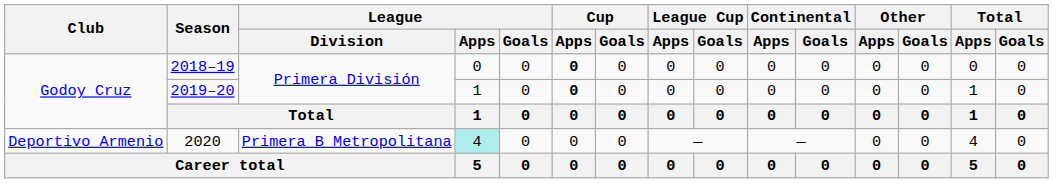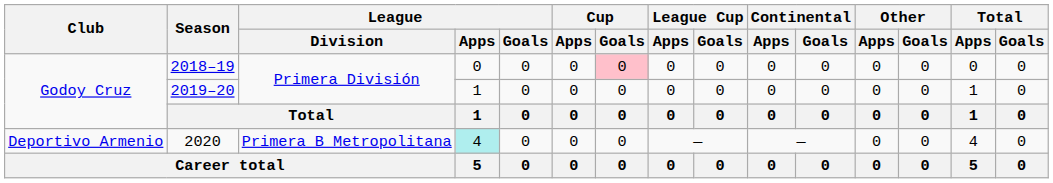 <table class="wikitable" style="text-align:center">
 <tr>
 <th rowspan="2">Club</th>
 <th rowspan="2">Season</th>
 <th colspan="3">League</th>
 <th colspan="2">Cup</th>
 <th colspan="2">League Cup</th>
 <th colspan="2">Continental</th>
 <th colspan="2">Other</th>
 <th colspan="2">Total</th>
 </tr>
 <tr>
 <th>Division</th>
 <th>Apps</th>
 <th>Goals</th>
 <th>Apps</th>
 <th>Goals</th>
 <th>Apps</th>
 <th>Goals</th>
 <th>Apps</th>
 <th>Goals</th>
 <th>Apps</th>
 <th>Goals</th>
 <th>Apps</th>
 <th>Goals</th>
 </tr>
 <tr>
 <td rowspan="3"><a href='#'>Godoy Cruz</a></td>
 <td><a href='#'>2018–19</a></td>
 <td rowspan="2"><a href='#'>Primera División</a></td>
 <td>0</td>
 <td>0</td>
-<td><strong>0</strong></td>
 <td>0</td>
+<td style="background: pink;">0</td>
 <td>0</td>
 <td>0</td>
 <td>0</td>
 <td>0</td>
 <td>0</td>
 <td>0</td>
 <td>0</td>
 <td>0</td>
 </tr>
 <tr>
 <td><a href='#'>2019–20</a></td>
 <td>1</td>
 <td>0</td>
-<td><strong>0</strong></td>
+<td>0</td>
 <td>0</td>
 <td>0</td>
 <td>0</td>
 <td>0</td>
 <td>0</td>
 <td>0</td>
 <td>0</td>
 <td>1</td>
 <td>0</td>
 </tr>
 <tr>
 <th colspan="2">Total</th>
 <th>1</th>
 <th>0</th>
 <th>0</th>
 <th>0</th>
 <th>0</th>
 <th>0</th>
 <th>0</th>
 <th>0</th>
 <th>0</th>
 <th>0</th>
 <th>1</th>
 <th>0</th>
 </tr>
 <tr>
 <td rowspan="1"><a href='#'>Deportivo Armenio</a></td>
 <td>2020</td>
 <td rowspan="1"><a href='#'>Primera B Metropolitana</a></td>
 <td style="background: paleturquoise;">4</td>
 <td>0</td>
 <td>0</td>
 <td>0</td>
 <td colspan="2">—</td>
 <td colspan="2">—</td>
 <td>0</td>
 <td>0</td>
 <td>4</td>
 <td>0</td>
 </tr>
 <tr>
 <th colspan="3">Career total</th>
 <th>5</th>
 <th>0</th>
 <th>0</th>
 <th>0</th>
 <th>0</th>
 <th>0</th>
 <th>0</th>
 <th>0</th>
 <th>0</th>
 <th>0</th>
 <th>5</th>
 <th>0</th>
 </tr>
 </table>
